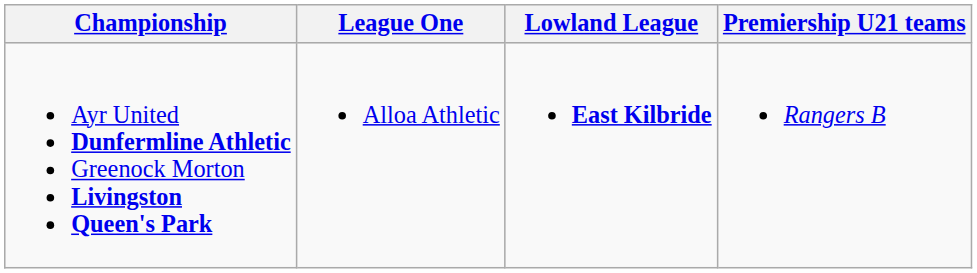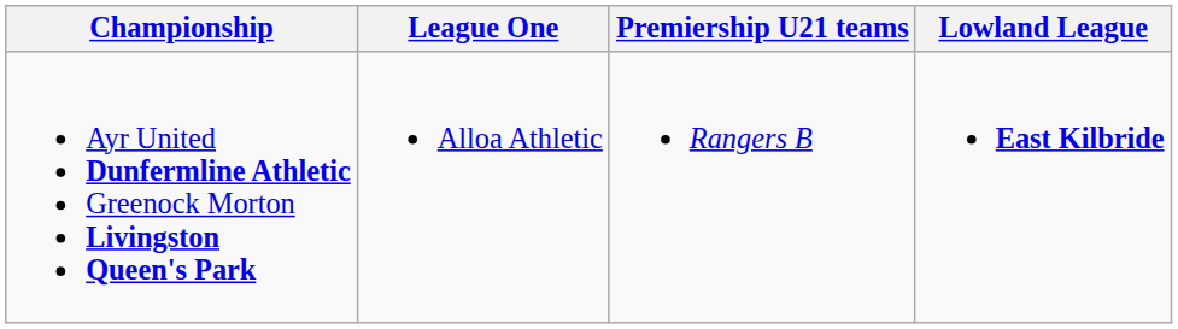 <table class="wikitable">
 <tr>
 <th><a href='#'>Championship</a></th>
 <th><a href='#'>League One</a></th>
+<th><a href='#'>Premiership U21 teams</a></th>
 <th><a href='#'>Lowland League</a></th>
-<th><a href='#'>Premiership U21 teams</a></th>
 </tr>
 <tr>
 <td valign="top"><br><ul><li><a href='#'>Ayr United</a></li><li><strong><a href='#'>Dunfermline Athletic</a></strong></li><li><a href='#'>Greenock Morton</a></li><li><strong><a href='#'>Livingston</a></strong></li><li><strong><a href='#'>Queen's Park</a></strong></li></ul></td>
 <td valign="top"><br><ul><li><a href='#'>Alloa Athletic</a></li></ul></td>
+<td valign="top"><br><ul><li><em><a href='#'>Rangers B</a></em></li></ul></td>
 <td valign="top"><br><ul><li><strong><a href='#'>East Kilbride</a></strong></li></ul></td>
-<td valign="top"><br><ul><li><em><a href='#'>Rangers B</a></em></li></ul></td>
 </tr>
 </table>
